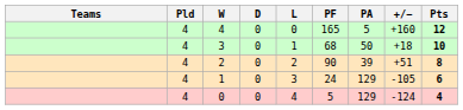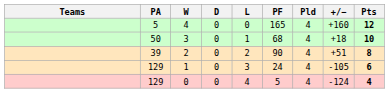 <table class="wikitable" style="text-align: center;">
 <tr>
 <th width="200">Teams</th>
-<th width="40">Pld</th>
+<th width="40">PA</th>
 <th width="40">W</th>
 <th width="40">D</th>
 <th width="40">L</th>
 <th width="40">PF</th>
-<th width="40">PA</th>
+<th width="40">Pld</th>
 <th width="40">+/−</th>
 <th width="40">Pts</th>
 </tr>
 <tr bgcolor=ccffcc>
 <td align=left></td>
-<td>4</td>
+<td>5</td>
 <td>4</td>
 <td>0</td>
 <td>0</td>
 <td>165</td>
-<td>5</td>
+<td>4</td>
 <td>+160</td>
 <td><strong>12</strong></td>
 </tr>
 <tr bgcolor=ccffcc>
 <td align=left></td>
-<td>4</td>
+<td>50</td>
 <td>3</td>
 <td>0</td>
 <td>1</td>
 <td>68</td>
-<td>50</td>
+<td>4</td>
 <td>+18</td>
 <td><strong>10</strong></td>
 </tr>
 <tr style="background:#ffe6bd">
 <td align=left></td>
-<td>4</td>
+<td>39</td>
 <td>2</td>
 <td>0</td>
 <td>2</td>
 <td>90</td>
-<td>39</td>
+<td>4</td>
 <td>+51</td>
 <td><strong>8</strong></td>
 </tr>
 <tr style="background:#ffe6bd">
 <td align=left></td>
-<td>4</td>
+<td>129</td>
 <td>1</td>
 <td>0</td>
 <td>3</td>
 <td>24</td>
-<td>129</td>
+<td>4</td>
 <td>-105</td>
 <td><strong>6</strong></td>
 </tr>
 <tr style="background:#fcc">
 <td align=left></td>
-<td>4</td>
+<td>129</td>
 <td>0</td>
 <td>0</td>
 <td>4</td>
 <td>5</td>
-<td>129</td>
+<td>4</td>
 <td>-124</td>
 <td><strong>4</strong></td>
 </tr>
 </table>
